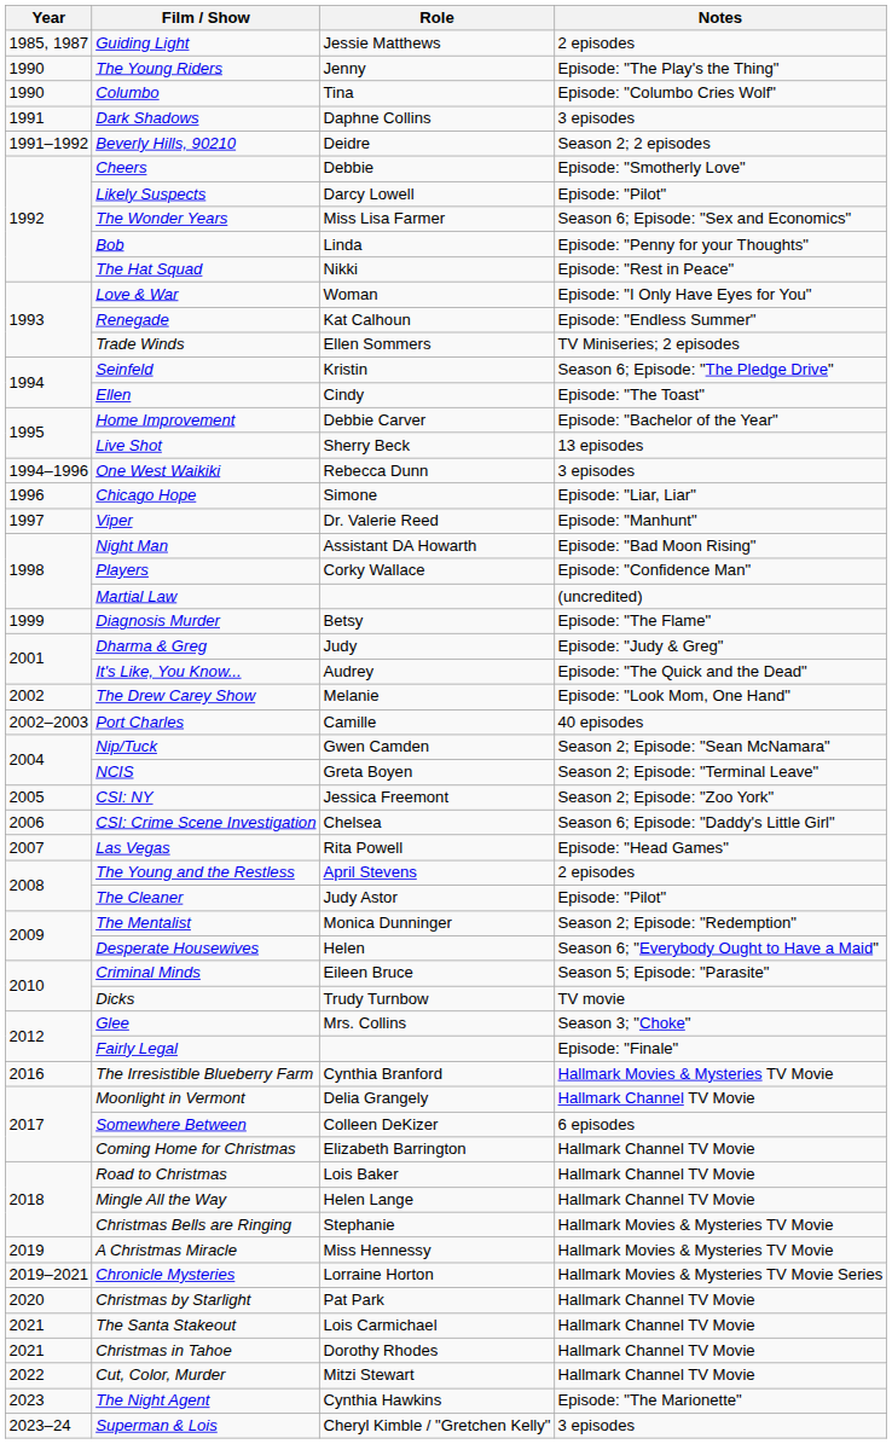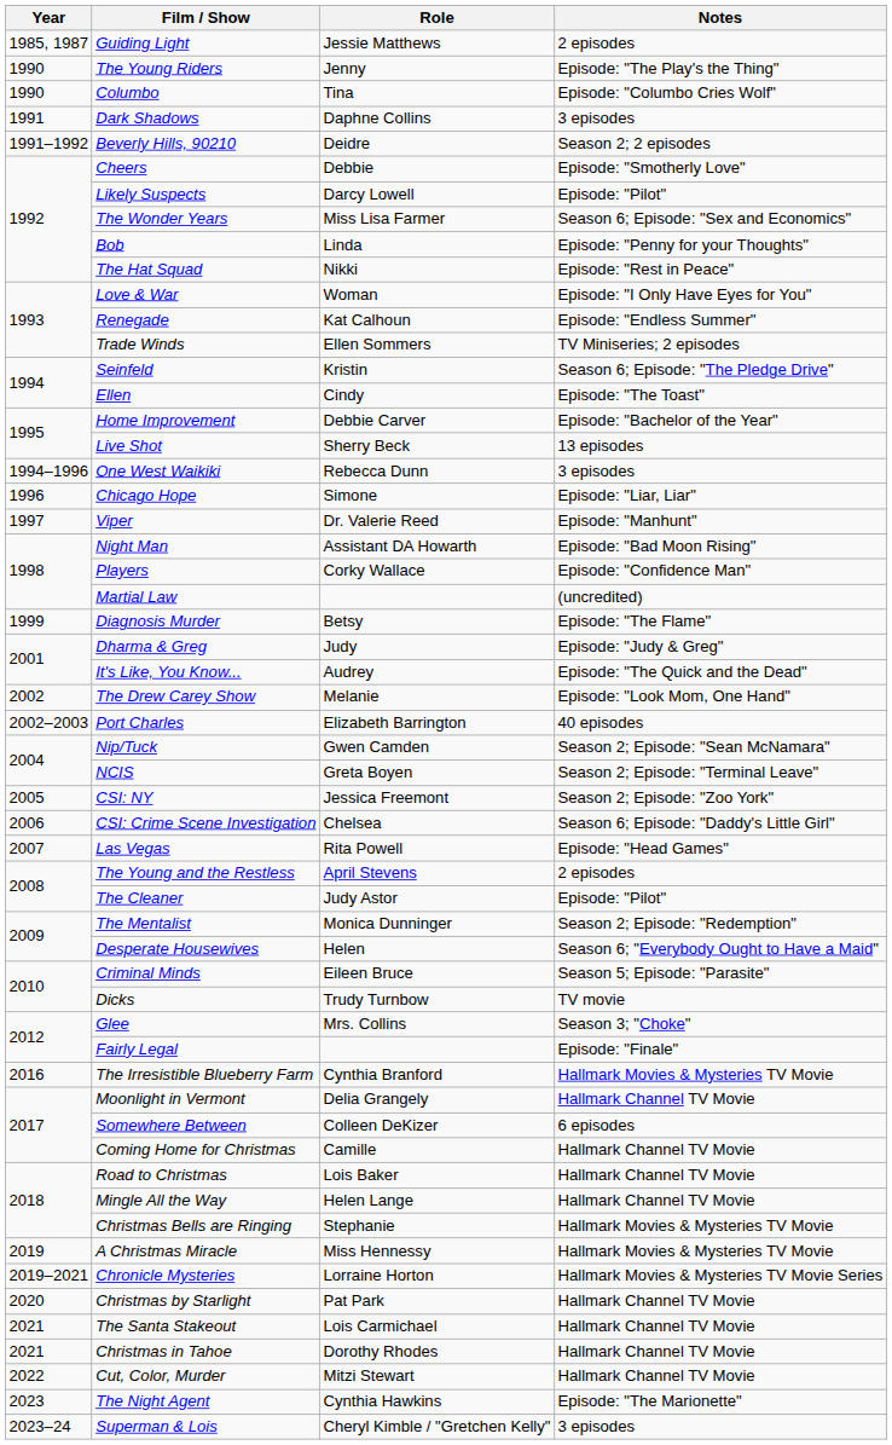 <table class="wikitable sortable">
 <tr>
 <th>Year</th>
 <th>Film / Show</th>
 <th>Role</th>
 <th>Notes</th>
 </tr>
 <tr>
 <td>1985, 1987</td>
 <td><em><a href='#'>Guiding Light</a></em></td>
 <td>Jessie Matthews</td>
 <td>2 episodes</td>
 </tr>
 <tr>
 <td>1990</td>
 <td><em><a href='#'>The Young Riders</a></em></td>
 <td>Jenny</td>
 <td>Episode: "The Play's the Thing"</td>
 </tr>
 <tr>
 <td>1990</td>
 <td><em><a href='#'>Columbo</a></em></td>
 <td>Tina</td>
 <td>Episode: "Columbo Cries Wolf"</td>
 </tr>
 <tr>
 <td>1991</td>
 <td><em><a href='#'>Dark Shadows</a></em></td>
 <td>Daphne Collins</td>
 <td>3 episodes</td>
 </tr>
 <tr>
 <td>1991–1992</td>
 <td><em><a href='#'>Beverly Hills, 90210</a></em></td>
 <td>Deidre</td>
 <td>Season 2; 2 episodes</td>
 </tr>
 <tr>
 <td rowspan="5">1992</td>
 <td><em><a href='#'>Cheers</a></em></td>
 <td>Debbie</td>
 <td>Episode: "Smotherly Love"</td>
 </tr>
 <tr>
 <td><em><a href='#'>Likely Suspects</a></em></td>
 <td>Darcy Lowell</td>
 <td>Episode: "Pilot"</td>
 </tr>
 <tr>
 <td><em><a href='#'>The Wonder Years</a></em></td>
 <td>Miss Lisa Farmer</td>
 <td>Season 6; Episode: "Sex and Economics"</td>
 </tr>
 <tr>
 <td><em><a href='#'>Bob</a></em></td>
 <td>Linda</td>
 <td>Episode: "Penny for your Thoughts"</td>
 </tr>
 <tr>
 <td><em><a href='#'>The Hat Squad</a></em></td>
 <td>Nikki</td>
 <td>Episode: "Rest in Peace"</td>
 </tr>
 <tr>
 <td rowspan="3">1993</td>
 <td><em><a href='#'>Love & War</a></em></td>
 <td>Woman</td>
 <td>Episode: "I Only Have Eyes for You"</td>
 </tr>
 <tr>
 <td><em><a href='#'>Renegade</a></em></td>
 <td>Kat Calhoun</td>
 <td>Episode: "Endless Summer"</td>
 </tr>
 <tr>
 <td><em>Trade Winds</em></td>
 <td>Ellen Sommers</td>
 <td>TV Miniseries; 2 episodes</td>
 </tr>
 <tr>
 <td rowspan="2">1994</td>
 <td><em><a href='#'>Seinfeld</a></em></td>
 <td>Kristin</td>
 <td>Season 6; Episode: "<a href='#'>The Pledge Drive</a>"</td>
 </tr>
 <tr>
 <td><em><a href='#'>Ellen</a></em></td>
 <td>Cindy</td>
 <td>Episode: "The Toast"</td>
 </tr>
 <tr>
 <td rowspan="2">1995</td>
 <td><em><a href='#'>Home Improvement</a></em></td>
 <td>Debbie Carver</td>
 <td>Episode: "Bachelor of the Year"</td>
 </tr>
 <tr>
 <td><em><a href='#'>Live Shot</a></em></td>
 <td>Sherry Beck</td>
 <td>13 episodes</td>
 </tr>
 <tr>
 <td>1994–1996</td>
 <td><em><a href='#'>One West Waikiki</a></em></td>
 <td>Rebecca Dunn</td>
 <td>3 episodes</td>
 </tr>
 <tr>
 <td>1996</td>
 <td><em><a href='#'>Chicago Hope</a></em></td>
 <td>Simone</td>
 <td>Episode: "Liar, Liar"</td>
 </tr>
 <tr>
 <td>1997</td>
 <td><em><a href='#'>Viper</a></em></td>
 <td>Dr. Valerie Reed</td>
 <td>Episode: "Manhunt"</td>
 </tr>
 <tr>
 <td rowspan="3">1998</td>
 <td><em><a href='#'>Night Man</a></em></td>
 <td>Assistant DA Howarth</td>
 <td>Episode: "Bad Moon Rising"</td>
 </tr>
 <tr>
 <td><em><a href='#'>Players</a></em></td>
 <td>Corky Wallace</td>
 <td>Episode: "Confidence Man"</td>
 </tr>
 <tr>
 <td><em><a href='#'>Martial Law</a></em></td>
 <td></td>
 <td>(uncredited)</td>
 </tr>
 <tr>
 <td>1999</td>
 <td><em><a href='#'>Diagnosis Murder</a></em></td>
 <td>Betsy</td>
 <td>Episode: "The Flame"</td>
 </tr>
 <tr>
 <td rowspan="2">2001</td>
 <td><em><a href='#'>Dharma & Greg</a></em></td>
 <td>Judy</td>
 <td>Episode: "Judy & Greg"</td>
 </tr>
 <tr>
 <td><em><a href='#'>It's Like, You Know...</a></em></td>
 <td>Audrey</td>
 <td>Episode: "The Quick and the Dead"</td>
 </tr>
 <tr>
 <td>2002</td>
 <td><em><a href='#'>The Drew Carey Show</a></em></td>
 <td>Melanie</td>
 <td>Episode: "Look Mom, One Hand"</td>
 </tr>
 <tr>
 <td>2002–2003</td>
 <td><em><a href='#'>Port Charles</a></em></td>
-<td>Camille</td>
+<td>Elizabeth Barrington</td>
 <td>40 episodes</td>
 </tr>
 <tr>
 <td rowspan="2">2004</td>
 <td><em><a href='#'>Nip/Tuck</a></em></td>
 <td>Gwen Camden</td>
 <td>Season 2; Episode: "Sean McNamara"</td>
 </tr>
 <tr>
 <td><em><a href='#'>NCIS</a></em></td>
 <td>Greta Boyen</td>
 <td>Season 2; Episode: "Terminal Leave"</td>
 </tr>
 <tr>
 <td>2005</td>
 <td><em><a href='#'>CSI: NY</a></em></td>
 <td>Jessica Freemont</td>
 <td>Season 2; Episode: "Zoo York"</td>
 </tr>
 <tr>
 <td>2006</td>
 <td><em><a href='#'>CSI: Crime Scene Investigation</a></em></td>
 <td>Chelsea</td>
 <td>Season 6; Episode: "Daddy's Little Girl"</td>
 </tr>
 <tr>
 <td>2007</td>
 <td><em><a href='#'>Las Vegas</a></em></td>
 <td>Rita Powell</td>
 <td>Episode: "Head Games"</td>
 </tr>
 <tr>
 <td rowspan="2">2008</td>
 <td><em><a href='#'>The Young and the Restless</a></em></td>
 <td><a href='#'>April Stevens</a></td>
 <td>2 episodes</td>
 </tr>
 <tr>
 <td><em><a href='#'>The Cleaner</a></em></td>
 <td>Judy Astor</td>
 <td>Episode: "Pilot"</td>
 </tr>
 <tr>
 <td rowspan="2">2009</td>
 <td><em><a href='#'>The Mentalist</a></em></td>
 <td>Monica Dunninger</td>
 <td>Season 2; Episode: "Redemption"</td>
 </tr>
 <tr>
 <td><em><a href='#'>Desperate Housewives</a></em></td>
 <td>Helen</td>
 <td>Season 6; "<a href='#'>Everybody Ought to Have a Maid</a>"</td>
 </tr>
 <tr>
 <td rowspan="2">2010</td>
 <td><em><a href='#'>Criminal Minds</a></em></td>
 <td>Eileen Bruce</td>
 <td>Season 5; Episode: "Parasite"</td>
 </tr>
 <tr>
 <td><em>Dicks</em></td>
 <td>Trudy Turnbow</td>
 <td>TV movie</td>
 </tr>
 <tr>
 <td rowspan="2">2012</td>
 <td><em><a href='#'>Glee</a></em></td>
 <td>Mrs. Collins</td>
 <td>Season 3; "<a href='#'>Choke</a>"</td>
 </tr>
 <tr>
 <td><em><a href='#'>Fairly Legal</a></em></td>
 <td></td>
 <td>Episode: "Finale"</td>
 </tr>
 <tr>
 <td>2016</td>
 <td><em>The Irresistible Blueberry Farm</em></td>
 <td>Cynthia Branford</td>
 <td><a href='#'>Hallmark Movies & Mysteries</a> TV Movie</td>
 </tr>
 <tr>
 <td rowspan="3">2017</td>
 <td><em>Moonlight in Vermont</em></td>
 <td>Delia Grangely</td>
 <td><a href='#'>Hallmark Channel</a> TV Movie</td>
 </tr>
 <tr>
 <td><em><a href='#'>Somewhere Between</a></em></td>
 <td>Colleen DeKizer</td>
 <td>6 episodes</td>
 </tr>
 <tr>
 <td><em>Coming Home for Christmas</em></td>
-<td>Elizabeth Barrington</td>
+<td>Camille</td>
 <td>Hallmark Channel TV Movie</td>
 </tr>
 <tr>
 <td rowspan="3">2018</td>
 <td><em>Road to Christmas</em></td>
 <td>Lois Baker</td>
 <td>Hallmark Channel TV Movie</td>
 </tr>
 <tr>
 <td><em>Mingle All the Way</em></td>
 <td>Helen Lange</td>
 <td>Hallmark Channel TV Movie</td>
 </tr>
 <tr>
 <td><em>Christmas Bells are Ringing</em></td>
 <td>Stephanie</td>
 <td>Hallmark Movies & Mysteries TV Movie</td>
 </tr>
 <tr>
 <td>2019</td>
 <td><em>A Christmas Miracle</em></td>
 <td>Miss Hennessy</td>
 <td>Hallmark Movies & Mysteries TV Movie</td>
 </tr>
 <tr>
 <td>2019–2021</td>
 <td><em><a href='#'>Chronicle Mysteries</a></em></td>
 <td>Lorraine Horton</td>
 <td>Hallmark Movies & Mysteries TV Movie Series</td>
 </tr>
 <tr>
 <td>2020</td>
 <td><em>Christmas by Starlight</em></td>
 <td>Pat Park</td>
 <td>Hallmark Channel TV Movie</td>
 </tr>
 <tr>
 <td>2021</td>
 <td><em>The Santa Stakeout</em></td>
 <td>Lois Carmichael</td>
 <td>Hallmark Channel TV Movie</td>
 </tr>
 <tr>
 <td>2021</td>
 <td><em>Christmas in Tahoe</em></td>
 <td>Dorothy Rhodes</td>
 <td>Hallmark Channel TV Movie</td>
 </tr>
 <tr>
 <td>2022</td>
 <td><em>Cut, Color, Murder</em></td>
 <td>Mitzi Stewart</td>
 <td>Hallmark Channel TV Movie</td>
 </tr>
 <tr>
 <td>2023</td>
 <td><em><a href='#'>The Night Agent</a></em></td>
 <td>Cynthia Hawkins</td>
 <td>Episode: "The Marionette"</td>
 </tr>
 <tr>
 <td>2023–24</td>
 <td><em><a href='#'>Superman & Lois</a></em></td>
 <td>Cheryl Kimble / "Gretchen Kelly"</td>
 <td>3 episodes</td>
 </tr>
 </table>
